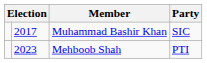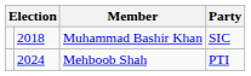 <table class="wikitable">
 <tr>
 <th colspan="2">Election</th>
 <th>Member</th>
 <th>Party</th>
 </tr>
 <tr>
 <td style="background-color: "></td>
-<td><a href='#'>2017</a></td>
+<td><a href='#'>2018</a></td>
 <td><a href='#'>Muhammad Bashir Khan</a></td>
 <td><a href='#'>SIC</a></td>
 </tr>
 <tr>
 <td style="background-color: "></td>
-<td><a href='#'>2023</a></td>
+<td><a href='#'>2024</a></td>
 <td><a href='#'>Mehboob Shah</a></td>
 <td><a href='#'>PTI</a></td>
 </tr>
 </table>
